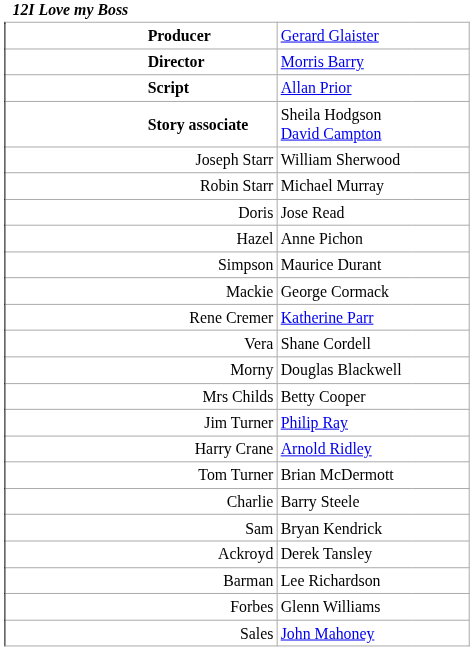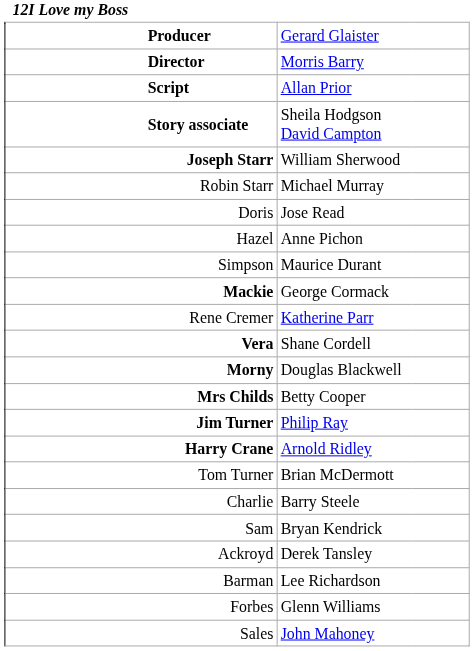 <table class="wikitable mw-collapsible mw-collapsed" style="vertical-align:top;margin:auto 2em;line-height:1.2;min-width:33em;display: inline-table;background-color:inherit;border:none;">
 <tr>
 <td class=unsortable style="border:hidden;line-height:1.67;text-align:center;margin-left:-1em;padding-left:0.5em;min-width:1.0em;"></td>
 <td class=unsortable style="border:none;padding-left:0.5em;text-align:left;min-width:16.5em;font-weight:700;font-style:italic;">12I Love my Boss</td>
 <td class=unsortable style="border:none;text-align:right;font-weight:normal;font-family:Courier;font-size:95%;letter-spacing:-1pt;min-width:8.5em;padding-right:0.2em;"></td>
 <td class=unsortable style="border:hidden;min-width:3.5em;padding-left:0;"></td>
 <td class=unsortable style="border:hidden;min-width:3.5em;font-size:95%;"></td>
 </tr>
 <tr>
 <td rowspan=100 style="border:none thin;border-right-style :solid;"></td>
 </tr>
 <tr>
 <td style="text-align:left;padding-left:9.0em;font-weight:bold;">Producer</td>
 <td colspan=2><a href='#'>Gerard Glaister</a></td>
 </tr>
 <tr>
 <td style="text-align:left;padding-left:9.0em;font-weight:bold;">Director</td>
 <td colspan=2><a href='#'>Morris Barry</a></td>
 </tr>
 <tr>
 <td style="text-align:left;padding-left:9.0em;font-weight:bold;">Script</td>
 <td colspan=2><a href='#'>Allan Prior</a></td>
 </tr>
 <tr>
 <td style="text-align:left;padding-left:9.0em;font-weight:bold;">Story associate</td>
 <td colspan=2>Sheila Hodgson<br><a href='#'>David Campton</a></td>
 </tr>
 <tr>
-<td style="text-align:right;">Joseph Starr</td>
+<td style="text-align:right;"><strong>Joseph Starr</strong></td>
 <td colspan=2>William Sherwood</td>
 </tr>
 <tr>
 <td style="text-align:right;">Robin Starr</td>
 <td colspan=2>Michael Murray</td>
 </tr>
 <tr>
 <td style="text-align:right;">Doris</td>
 <td colspan=2>Jose Read</td>
 </tr>
 <tr>
 <td style="text-align:right;">Hazel</td>
 <td colspan=2>Anne Pichon</td>
 </tr>
 <tr>
 <td style="text-align:right;">Simpson</td>
 <td colspan=2>Maurice Durant</td>
 </tr>
 <tr>
-<td style="text-align:right;">Mackie</td>
+<td style="text-align:right;"><strong>Mackie</strong></td>
 <td colspan=2>George Cormack</td>
 </tr>
 <tr>
 <td style="text-align:right;">Rene Cremer</td>
 <td colspan=2><a href='#'>Katherine Parr</a></td>
 </tr>
 <tr>
-<td style="text-align:right;">Vera</td>
+<td style="text-align:right;"><strong>Vera</strong></td>
 <td colspan=2>Shane Cordell</td>
 </tr>
 <tr>
-<td style="text-align:right;">Morny</td>
+<td style="text-align:right;"><strong>Morny</strong></td>
 <td colspan=2>Douglas Blackwell</td>
 </tr>
 <tr>
-<td style="text-align:right;">Mrs Childs</td>
+<td style="text-align:right;"><strong>Mrs Childs</strong></td>
 <td colspan=2>Betty Cooper</td>
 </tr>
 <tr>
-<td style="text-align:right;">Jim Turner</td>
+<td style="text-align:right;"><strong>Jim Turner</strong></td>
 <td colspan=2><a href='#'>Philip Ray</a></td>
 </tr>
 <tr>
-<td style="text-align:right;">Harry Crane</td>
+<td style="text-align:right;"><strong>Harry Crane</strong></td>
 <td colspan=2><a href='#'>Arnold Ridley</a></td>
 </tr>
 <tr>
 <td style="text-align:right;">Tom Turner</td>
 <td colspan=2>Brian McDermott</td>
 </tr>
 <tr>
 <td style="text-align:right;">Charlie</td>
 <td colspan=2>Barry Steele</td>
 </tr>
 <tr>
 <td style="text-align:right;">Sam</td>
 <td colspan=2>Bryan Kendrick</td>
 </tr>
 <tr>
 <td style="text-align:right;">Ackroyd</td>
 <td colspan=2>Derek Tansley</td>
 </tr>
 <tr>
 <td style="text-align:right;">Barman</td>
 <td colspan=2>Lee Richardson</td>
 </tr>
 <tr>
 <td style="text-align:right;">Forbes</td>
 <td colspan=2>Glenn Williams</td>
 </tr>
 <tr>
 <td style="text-align:right;">Sales</td>
 <td colspan=2><a href='#'>John Mahoney</a></td>
 </tr>
 </table>
